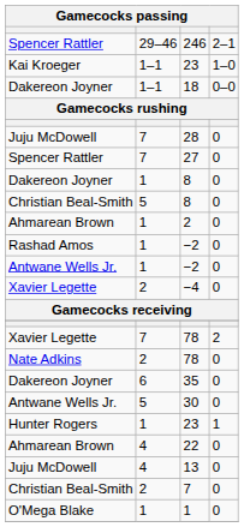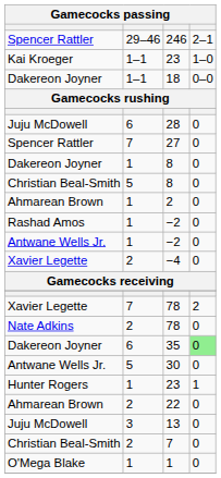 <table class="wikitable plainrowheaders">
 <tr>
 <th colspan="6">Gamecocks passing</th>
 </tr>
 <tr>
 <th scope="col"></th>
 <th scope="col"></th>
 <th scope="col"></th>
 <th scope="col"></th>
 </tr>
 <tr>
 <td><a href='#'>Spencer Rattler</a></td>
 <td>29–46</td>
 <td>246</td>
 <td>2–1</td>
 </tr>
 <tr>
 <td>Kai Kroeger</td>
 <td>1–1</td>
 <td>23</td>
 <td>1–0</td>
 </tr>
 <tr>
 <td>Dakereon Joyner</td>
 <td>1–1</td>
 <td>18</td>
 <td>0–0</td>
 </tr>
 <tr>
 <th colspan="6">Gamecocks rushing</th>
 </tr>
 <tr>
 <th scope="col"></th>
 <th scope="col"></th>
 <th scope="col"></th>
 <th scope="col"></th>
 </tr>
 <tr>
 <td>Juju McDowell</td>
-<td>7</td>
+<td>6</td>
 <td>28</td>
 <td>0</td>
 </tr>
 <tr>
 <td>Spencer Rattler</td>
 <td>7</td>
 <td>27</td>
 <td>0</td>
 </tr>
 <tr>
 <td>Dakereon Joyner</td>
 <td>1</td>
 <td>8</td>
 <td>0</td>
 </tr>
 <tr>
 <td>Christian Beal-Smith</td>
 <td>5</td>
 <td>8</td>
 <td>0</td>
 </tr>
 <tr>
 <td>Ahmarean Brown</td>
 <td>1</td>
 <td>2</td>
 <td>0</td>
 </tr>
 <tr>
 <td>Rashad Amos</td>
 <td>1</td>
 <td>−2</td>
 <td>0</td>
 </tr>
 <tr>
 <td><a href='#'>Antwane Wells Jr.</a></td>
 <td>1</td>
 <td>−2</td>
 <td>0</td>
 </tr>
 <tr>
 <td><a href='#'>Xavier Legette</a></td>
 <td>2</td>
 <td>−4</td>
 <td>0</td>
 </tr>
 <tr>
 <th colspan="6">Gamecocks receiving</th>
 </tr>
 <tr>
 </tr>
 <tr>
 <th scope="col"></th>
 <th scope="col"></th>
 <th scope="col"></th>
 <th scope="col"></th>
 </tr>
 <tr>
 <td>Xavier Legette</td>
 <td>7</td>
 <td>78</td>
 <td>2</td>
 </tr>
 <tr>
 <td><a href='#'>Nate Adkins</a></td>
 <td>2</td>
 <td>78</td>
 <td>0</td>
 </tr>
 <tr>
 <td>Dakereon Joyner</td>
 <td>6</td>
 <td>35</td>
-<td>0</td>
+<td style="background: lightgreen;">0</td>
 </tr>
 <tr>
 <td>Antwane Wells Jr.</td>
 <td>5</td>
 <td>30</td>
 <td>0</td>
 </tr>
 <tr>
 <td>Hunter Rogers</td>
 <td>1</td>
 <td>23</td>
 <td>1</td>
 </tr>
 <tr>
 <td>Ahmarean Brown</td>
-<td>4</td>
+<td>2</td>
 <td>22</td>
 <td>0</td>
 </tr>
 <tr>
 <td>Juju McDowell</td>
-<td>4</td>
+<td>3</td>
 <td>13</td>
 <td>0</td>
 </tr>
 <tr>
 <td>Christian Beal-Smith</td>
 <td>2</td>
 <td>7</td>
 <td>0</td>
 </tr>
 <tr>
 <td>O'Mega Blake</td>
 <td>1</td>
 <td>1</td>
 <td>0</td>
 </tr>
 <tr>
 </tr>
 </table>
